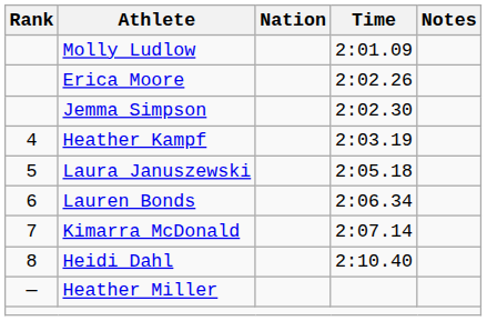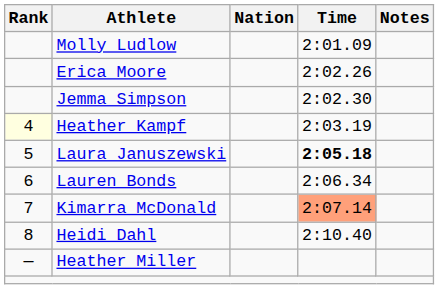 <table class="wikitable mw-datatable sortable" style="text-align:center;">
 <tr>
 <th>Rank</th>
 <th>Athlete</th>
 <th>Nation</th>
 <th>Time</th>
 <th>Notes</th>
 </tr>
 <tr>
 <td></td>
 <td align=left><a href='#'>Molly Ludlow</a></td>
 <td align=left></td>
 <td>2:01.09</td>
 <td></td>
 </tr>
 <tr>
 <td></td>
 <td align=left><a href='#'>Erica Moore</a></td>
 <td align=left></td>
 <td>2:02.26</td>
 <td></td>
 </tr>
 <tr>
 <td></td>
 <td align=left><a href='#'>Jemma Simpson</a></td>
 <td align=left></td>
 <td>2:02.30</td>
 <td></td>
 </tr>
 <tr>
-<td>4</td>
+<td style="background: lightyellow;">4</td>
 <td align=left><a href='#'>Heather Kampf</a></td>
 <td align=left></td>
 <td>2:03.19</td>
 <td></td>
 </tr>
 <tr>
 <td>5</td>
 <td align=left><a href='#'>Laura Januszewski</a></td>
 <td align=left></td>
-<td>2:05.18</td>
+<td><strong>2:05.18</strong></td>
 <td></td>
 </tr>
 <tr>
 <td>6</td>
 <td align=left><a href='#'>Lauren Bonds</a></td>
 <td align=left></td>
 <td>2:06.34</td>
 <td></td>
 </tr>
 <tr>
 <td>7</td>
 <td align=left><a href='#'>Kimarra McDonald</a></td>
 <td align=left></td>
-<td>2:07.14</td>
+<td style="background: lightsalmon;">2:07.14</td>
 <td></td>
 </tr>
 <tr>
 <td>8</td>
 <td align=left><a href='#'>Heidi Dahl</a></td>
 <td align=left></td>
 <td>2:10.40</td>
 <td></td>
 </tr>
 <tr>
 <td>—</td>
 <td align=left><a href='#'>Heather Miller</a></td>
 <td align=left></td>
 <td></td>
 <td></td>
 </tr>
 <tr class="sortbottom">
 <td colspan=5></td>
 </tr>
 </table>
